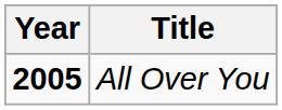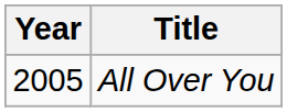 <table class="wikitable">
 <tr>
 <th><strong>Year</strong></th>
 <th><strong>Title</strong></th>
 </tr>
 <tr>
-<td><strong>2005</strong></td>
+<td>2005</td>
 <td><em>All Over You</em></td>
 </tr>
 </table>
